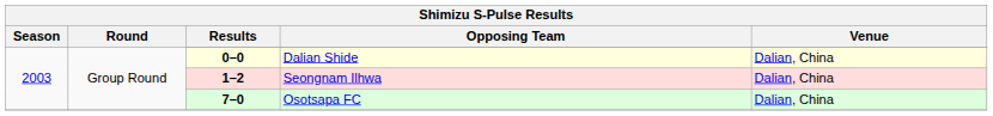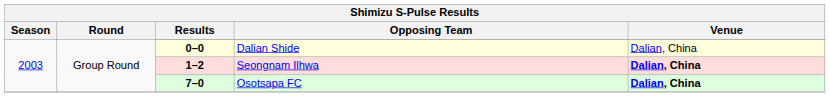 <table width=60% class="wikitable sortable" style="text-align:center;">
 <tr>
 <th colspan=6>Shimizu S-Pulse Results</th>
 </tr>
 <tr>
 <th width=5%>Season</th>
 <th width=10%>Round</th>
 <th width=8%>Results</th>
 <th width=40%>Opposing Team</th>
 <th width=20%>Venue</th>
 </tr>
 <tr>
 <td rowspan=4><a href='#'>2003</a></td>
 <td rowspan=4>Group Round</td>
 </tr>
 <tr style="background:#ffffdd">
 <td><strong>0–0</strong></td>
 <td align="left"> <a href='#'>Dalian Shide</a></td>
 <td align="left"><a href='#'>Dalian</a>, China</td>
 </tr>
 <tr style="background:#ffdddd">
 <td><strong>1–2</strong></td>
 <td align="left"> <a href='#'>Seongnam Ilhwa</a></td>
-<td align="left"><a href='#'>Dalian</a>, China</td>
+<td align="left"><strong><a href='#'>Dalian</a>, China</strong></td>
 </tr>
 <tr style="background:#ddffdd">
 <td><strong>7–0</strong></td>
 <td align="left"> <a href='#'>Osotsapa FC</a></td>
-<td align="left"><a href='#'>Dalian</a>, China</td>
+<td align="left"><strong><a href='#'>Dalian</a>, China</strong></td>
 </tr>
 <tr>
 </tr>
 </table>
